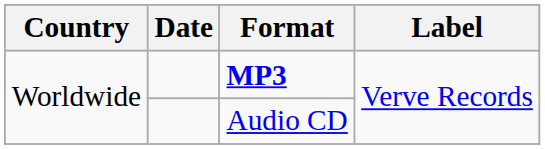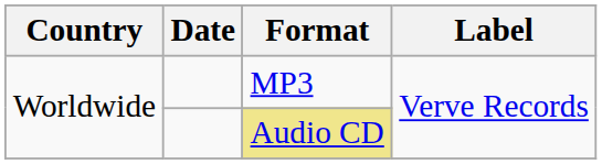 <table class="wikitable plainrowheaders">
 <tr>
 <th scope="col">Country</th>
 <th scope="col">Date</th>
 <th scope="col">Format</th>
 <th scope="col">Label</th>
 </tr>
 <tr>
 <td rowspan="2">Worldwide</td>
 <td rowspan="1"></td>
-<td rowspan="1"><strong><a href='#'>MP3</a></strong></td>
+<td rowspan="1"><a href='#'>MP3</a></td>
 <td rowspan="5"><a href='#'>Verve Records</a></td>
 </tr>
 <tr>
 <td rowspan="1"></td>
-<td rowspan="1"><a href='#'>Audio CD</a></td>
+<td rowspan="1" style="background: khaki;"><a href='#'>Audio CD</a></td>
 </tr>
 </table>
